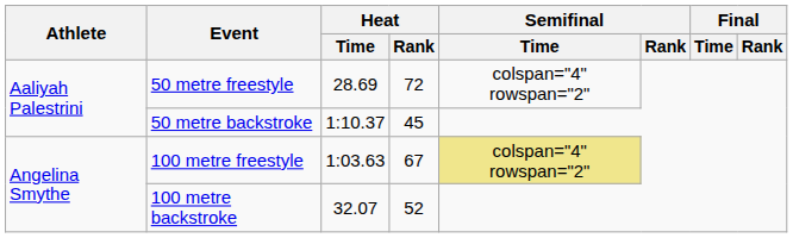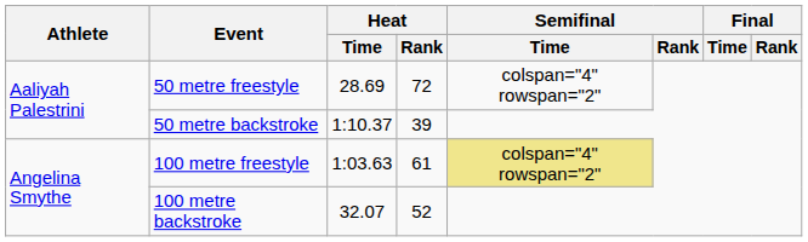 <table class="wikitable" style="text-align:center; font-size:90%; width:50%;">
 <tr>
 <th rowspan="2">Athlete</th>
 <th rowspan="2">Event</th>
 <th colspan="2">Heat</th>
 <th colspan="2">Semifinal</th>
 <th colspan="2">Final</th>
 </tr>
 <tr style="font-size:95%">
 <th>Time</th>
 <th>Rank</th>
 <th>Time</th>
 <th>Rank</th>
 <th>Time</th>
 <th>Rank</th>
 </tr>
 <tr align=center>
 <td align=left rowspan="2"><a href='#'>Aaliyah Palestrini</a></td>
 <td align=left><a href='#'>50 metre freestyle</a></td>
 <td>28.69</td>
 <td>72</td>
 <td>colspan="4" rowspan="2" </td>
 </tr>
 <tr align=center>
 <td align=left><a href='#'>50 metre backstroke</a></td>
 <td>1:10.37</td>
-<td>45</td>
+<td>39</td>
 </tr>
 <tr align=center>
 <td align=left rowspan="2"><a href='#'>Angelina Smythe</a></td>
 <td align=left><a href='#'>100 metre freestyle</a></td>
 <td>1:03.63</td>
-<td>67</td>
+<td>61</td>
 <td style="background: khaki;">colspan="4" rowspan="2" </td>
 </tr>
 <tr align=center>
 <td align=left><a href='#'>100 metre backstroke</a></td>
 <td>32.07</td>
 <td>52</td>
 </tr>
 </table>
